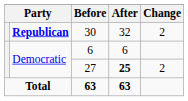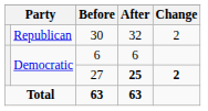 <table class="wikitable" style="text-align:center;">
 <tr>
 </tr>
 <tr>
 <th colspan=2>Party</th>
 <th>Before</th>
 <th>After</th>
 <th>Change</th>
 </tr>
 <tr>
 <th style="background-color:"></th>
-<td style="text-align:left;"><strong><a href='#'>Republican</a></strong></td>
+<td style="text-align:left;"><a href='#'>Republican</a></td>
 <td>30</td>
 <td>32</td>
 <td> 2</td>
 </tr>
 <tr>
 <th rowspan=2 style="background-color:"></th>
 <td rowspan=2 style="text-align:left;"><a href='#'>Democratic</a></td>
 <td>6</td>
 <td>6</td>
 <td></td>
 </tr>
 <tr>
 <td>27</td>
 <td><strong>25</strong></td>
-<td> 2</td>
+<td><strong> 2</strong></td>
 </tr>
 <tr>
 <td colspan=2><strong>Total</strong></td>
 <td><strong>63</strong></td>
 <td><strong>63</strong></td>
 <td></td>
 </tr>
 </table>
